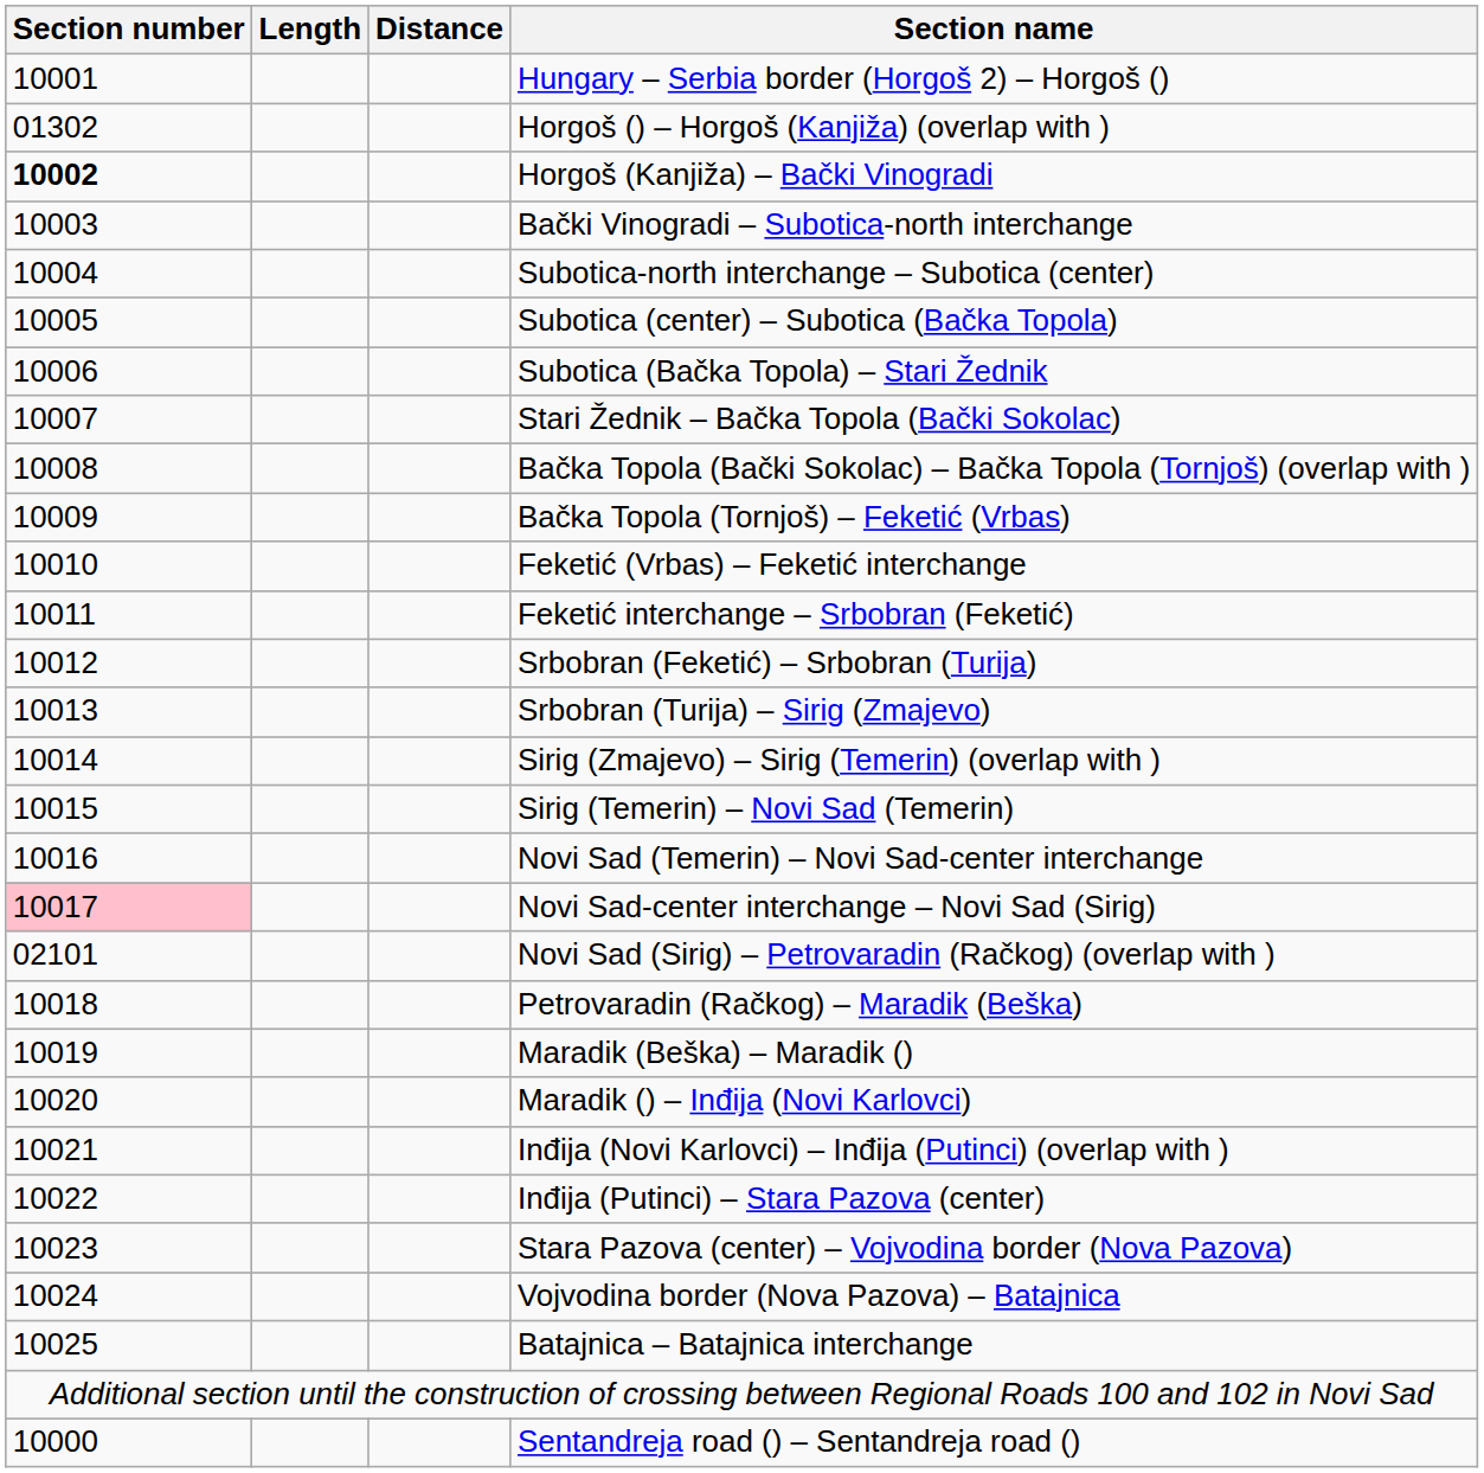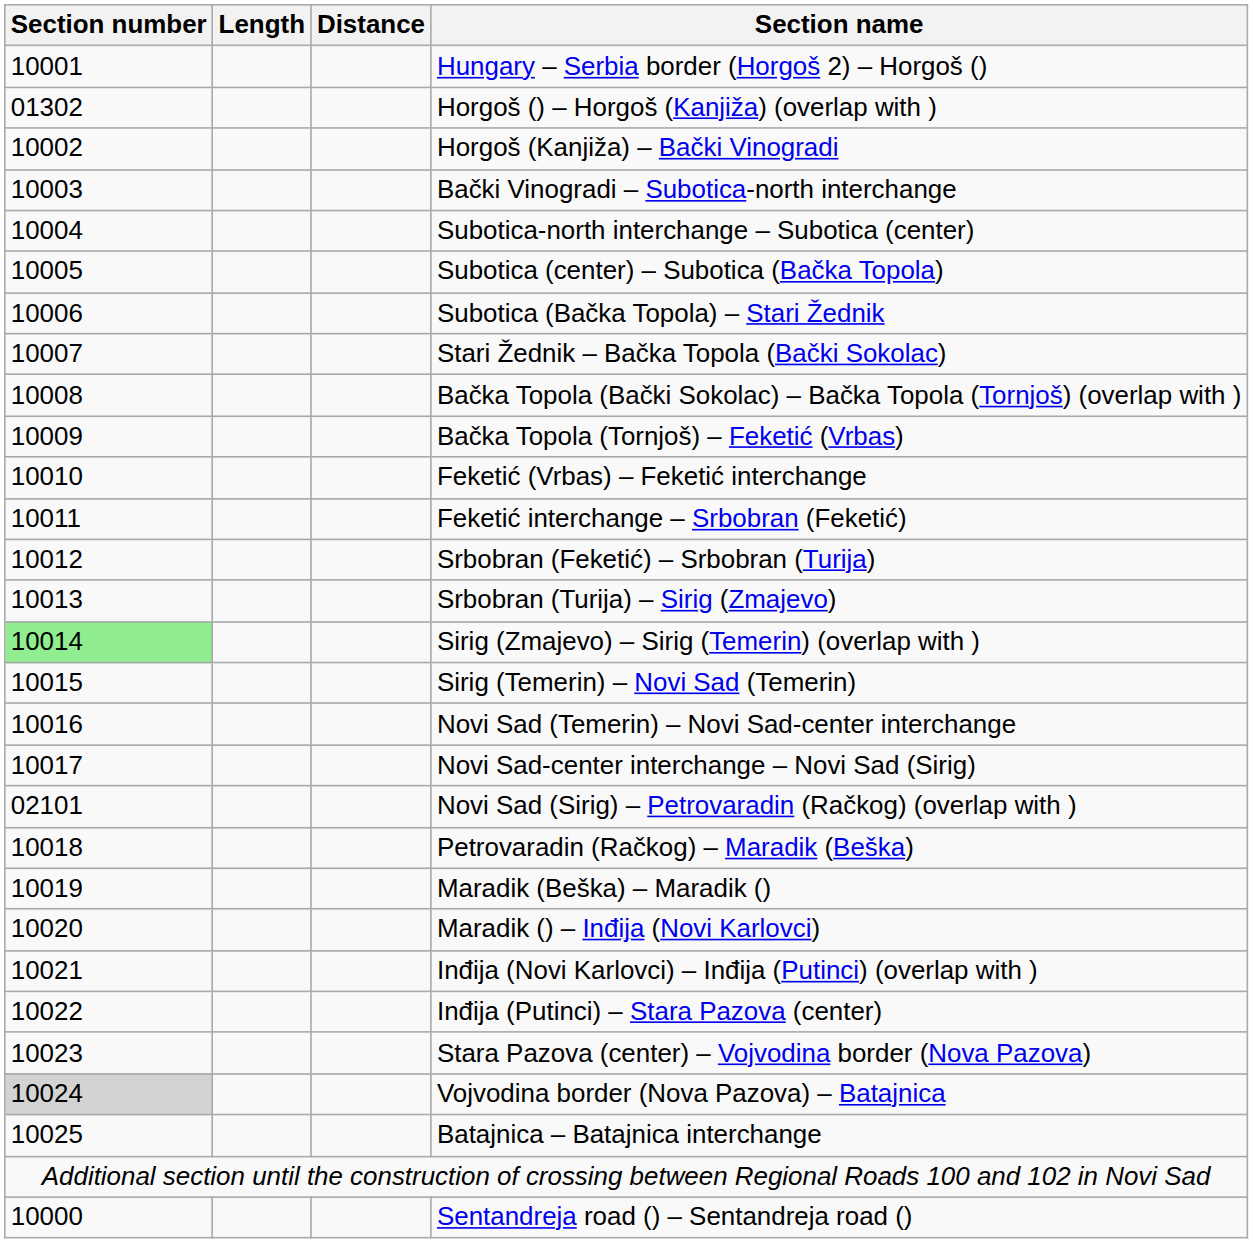 <table class="wikitable">
 <tr>
 <th>Section number</th>
 <th>Length</th>
 <th>Distance</th>
 <th>Section name</th>
 </tr>
 <tr>
 <td>10001</td>
 <td></td>
 <td></td>
 <td><a href='#'>Hungary</a> – <a href='#'>Serbia</a> border (<a href='#'>Horgoš</a> 2) – Horgoš ()</td>
 </tr>
 <tr>
 <td>01302</td>
 <td></td>
 <td></td>
 <td>Horgoš () – Horgoš (<a href='#'>Kanjiža</a>) (overlap with )</td>
 </tr>
 <tr>
-<td><strong>10002</strong></td>
+<td>10002</td>
 <td></td>
 <td></td>
 <td>Horgoš (Kanjiža) – <a href='#'>Bački Vinogradi</a></td>
 </tr>
 <tr>
 <td>10003</td>
 <td></td>
 <td></td>
 <td>Bački Vinogradi – <a href='#'>Subotica</a>-north interchange</td>
 </tr>
 <tr>
 <td>10004</td>
 <td></td>
 <td></td>
 <td>Subotica-north interchange – Subotica (center)</td>
 </tr>
 <tr>
 <td>10005</td>
 <td></td>
 <td></td>
 <td>Subotica (center) – Subotica (<a href='#'>Bačka Topola</a>)</td>
 </tr>
 <tr>
 <td>10006</td>
 <td></td>
 <td></td>
 <td>Subotica (Bačka Topola) – <a href='#'>Stari Žednik</a></td>
 </tr>
 <tr>
 <td>10007</td>
 <td></td>
 <td></td>
 <td>Stari Žednik – Bačka Topola (<a href='#'>Bački Sokolac</a>)</td>
 </tr>
 <tr>
 <td>10008</td>
 <td></td>
 <td></td>
 <td>Bačka Topola (Bački Sokolac) – Bačka Topola (<a href='#'>Tornjoš</a>) (overlap with )</td>
 </tr>
 <tr>
 <td>10009</td>
 <td></td>
 <td></td>
 <td>Bačka Topola (Tornjoš) – <a href='#'>Feketić</a> (<a href='#'>Vrbas</a>)</td>
 </tr>
 <tr>
 <td>10010</td>
 <td></td>
 <td></td>
 <td>Feketić (Vrbas) – Feketić interchange</td>
 </tr>
 <tr>
 <td>10011</td>
 <td></td>
 <td></td>
 <td>Feketić interchange – <a href='#'>Srbobran</a> (Feketić)</td>
 </tr>
 <tr>
 <td>10012</td>
 <td></td>
 <td></td>
 <td>Srbobran (Feketić) – Srbobran (<a href='#'>Turija</a>)</td>
 </tr>
 <tr>
 <td>10013</td>
 <td></td>
 <td></td>
 <td>Srbobran (Turija) – <a href='#'>Sirig</a> (<a href='#'>Zmajevo</a>)</td>
 </tr>
 <tr>
-<td>10014</td>
+<td style="background: lightgreen;">10014</td>
 <td></td>
 <td></td>
 <td>Sirig (Zmajevo) – Sirig (<a href='#'>Temerin</a>) (overlap with )</td>
 </tr>
 <tr>
 <td>10015</td>
 <td></td>
 <td></td>
 <td>Sirig (Temerin) – <a href='#'>Novi Sad</a> (Temerin)</td>
 </tr>
 <tr>
 <td>10016</td>
 <td></td>
 <td></td>
 <td>Novi Sad (Temerin) – Novi Sad-center interchange</td>
 </tr>
 <tr>
-<td style="background: pink;">10017</td>
+<td>10017</td>
 <td></td>
 <td></td>
 <td>Novi Sad-center interchange – Novi Sad (Sirig)</td>
 </tr>
 <tr>
 <td>02101</td>
 <td></td>
 <td></td>
 <td>Novi Sad (Sirig) – <a href='#'>Petrovaradin</a> (Račkog) (overlap with )</td>
 </tr>
 <tr>
 <td>10018</td>
 <td></td>
 <td></td>
 <td>Petrovaradin (Račkog) – <a href='#'>Maradik</a> (<a href='#'>Beška</a>)</td>
 </tr>
 <tr>
 <td>10019</td>
 <td></td>
 <td></td>
 <td>Maradik (Beška) – Maradik ()</td>
 </tr>
 <tr>
 <td>10020</td>
 <td></td>
 <td></td>
 <td>Maradik () – <a href='#'>Inđija</a> (<a href='#'>Novi Karlovci</a>)</td>
 </tr>
 <tr>
 <td>10021</td>
 <td></td>
 <td></td>
 <td>Inđija (Novi Karlovci) – Inđija (<a href='#'>Putinci</a>) (overlap with )</td>
 </tr>
 <tr>
 <td>10022</td>
 <td></td>
 <td></td>
 <td>Inđija (Putinci) – <a href='#'>Stara Pazova</a> (center)</td>
 </tr>
 <tr>
 <td>10023</td>
 <td></td>
 <td></td>
 <td>Stara Pazova (center) – <a href='#'>Vojvodina</a> border (<a href='#'>Nova Pazova</a>)</td>
 </tr>
 <tr>
-<td>10024</td>
+<td style="background: lightgrey;">10024</td>
 <td></td>
 <td></td>
 <td>Vojvodina border (Nova Pazova) – <a href='#'>Batajnica</a></td>
 </tr>
 <tr>
 <td>10025</td>
 <td></td>
 <td></td>
 <td>Batajnica – Batajnica interchange</td>
 </tr>
 <tr>
 <td colspan="4" style="text-align:center;"><em>Additional section until the construction of crossing between Regional Roads 100 and 102 in Novi Sad</em></td>
 </tr>
 <tr>
 <td>10000</td>
 <td></td>
 <td></td>
 <td><a href='#'>Sentandreja</a> road () – Sentandreja road ()</td>
 </tr>
 </table>
